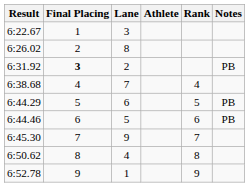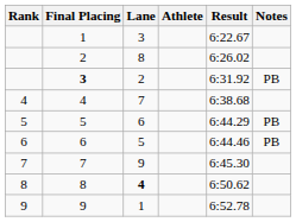 <table class="wikitable sortable" style="text-align:center">
 <tr>
-<th>Result</th>
+<th>Rank</th>
 <th>Final Placing</th>
 <th>Lane</th>
 <th>Athlete</th>
-<th>Rank</th>
+<th>Result</th>
 <th>Notes</th>
 </tr>
 <tr>
-<td>6:22.67</td>
+<td></td>
 <td>1</td>
 <td>3</td>
 <td align=left></td>
-<td></td>
+<td>6:22.67</td>
 <td></td>
 </tr>
 <tr>
-<td>6:26.02</td>
+<td></td>
 <td>2</td>
 <td>8</td>
 <td align=left></td>
-<td></td>
+<td>6:26.02</td>
 <td></td>
 </tr>
 <tr>
-<td>6:31.92</td>
+<td></td>
 <td><strong>3</strong></td>
 <td>2</td>
 <td align=left></td>
-<td></td>
+<td>6:31.92</td>
 <td>PB</td>
 </tr>
 <tr>
-<td>6:38.68</td>
+<td>4</td>
 <td>4</td>
 <td>7</td>
 <td align=left></td>
-<td>4</td>
+<td>6:38.68</td>
 <td></td>
 </tr>
 <tr>
-<td>6:44.29</td>
+<td>5</td>
 <td>5</td>
 <td>6</td>
 <td align=left></td>
-<td>5</td>
+<td>6:44.29</td>
 <td>PB</td>
 </tr>
 <tr>
-<td>6:44.46</td>
+<td>6</td>
 <td>6</td>
 <td>5</td>
 <td align=left></td>
-<td>6</td>
+<td>6:44.46</td>
 <td>PB</td>
 </tr>
 <tr>
-<td>6:45.30</td>
+<td>7</td>
 <td>7</td>
 <td>9</td>
 <td align=left></td>
-<td>7</td>
+<td>6:45.30</td>
 <td></td>
 </tr>
 <tr>
+<td>8</td>
+<td>8</td>
+<td><strong>4</strong></td>
+<td align=left></td>
 <td>6:50.62</td>
-<td>8</td>
-<td>4</td>
-<td align=left></td>
-<td>8</td>
 <td></td>
 </tr>
 <tr>
-<td>6:52.78</td>
+<td>9</td>
 <td>9</td>
 <td>1</td>
 <td align=left></td>
-<td>9</td>
+<td>6:52.78</td>
 <td></td>
 </tr>
 </table>
